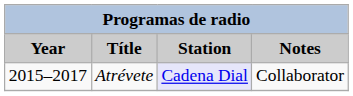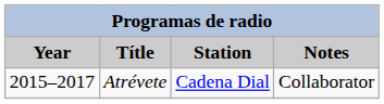 <table class="wikitable" style="font-size: 90%;">
 <tr>
 <th colspan="4" style="background:#B0C4DE;">Programas de radio</th>
 </tr>
 <tr>
 <th style="background: #CCCCCC;">Year</th>
 <th style="background: #CCCCCC;">Títle</th>
 <th style="background: #CCCCCC;">Station</th>
 <th style="background: #CCCCCC;">Notes</th>
 </tr>
 <tr>
 <td>2015–2017</td>
 <td><em>Atrévete</em></td>
-<td style="background: lavender;"><a href='#'>Cadena Dial</a></td>
+<td><a href='#'>Cadena Dial</a></td>
 <td>Collaborator</td>
 </tr>
 <tr>
 </tr>
 </table>
